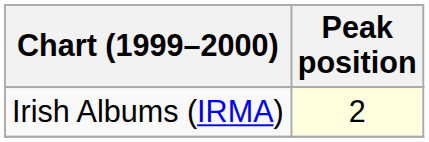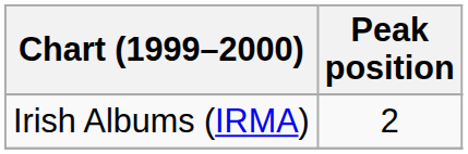 <table class="wikitable sortable">
 <tr>
 <th>Chart (1999–2000)</th>
 <th>Peak<br>position</th>
 </tr>
 <tr>
 </tr>
 <tr>
 </tr>
 <tr>
 </tr>
 <tr>
 </tr>
 <tr>
 <td>Irish Albums (<a href='#'>IRMA</a>)</td>
-<td align="center" style="background: lightyellow;">2</td>
+<td align="center">2</td>
 </tr>
 <tr>
 </tr>
 <tr>
 </tr>
 <tr>
 </tr>
 <tr>
 </tr>
 <tr>
 </tr>
 </table>
